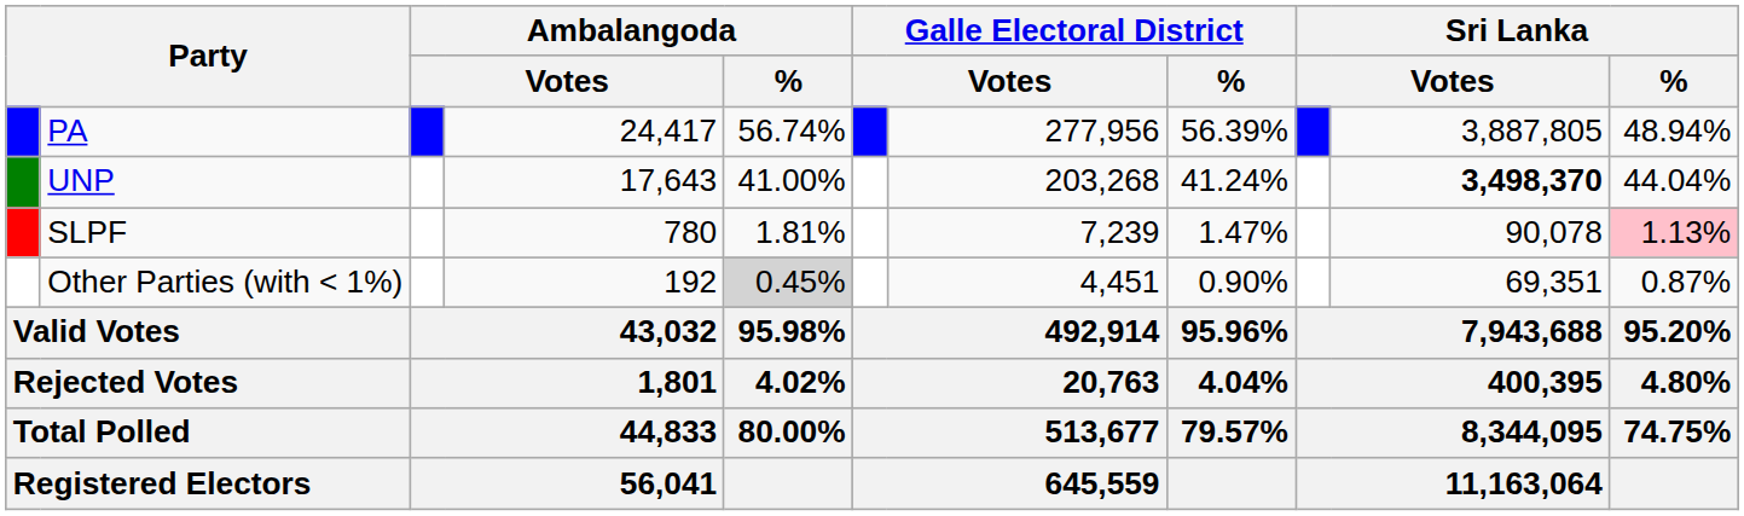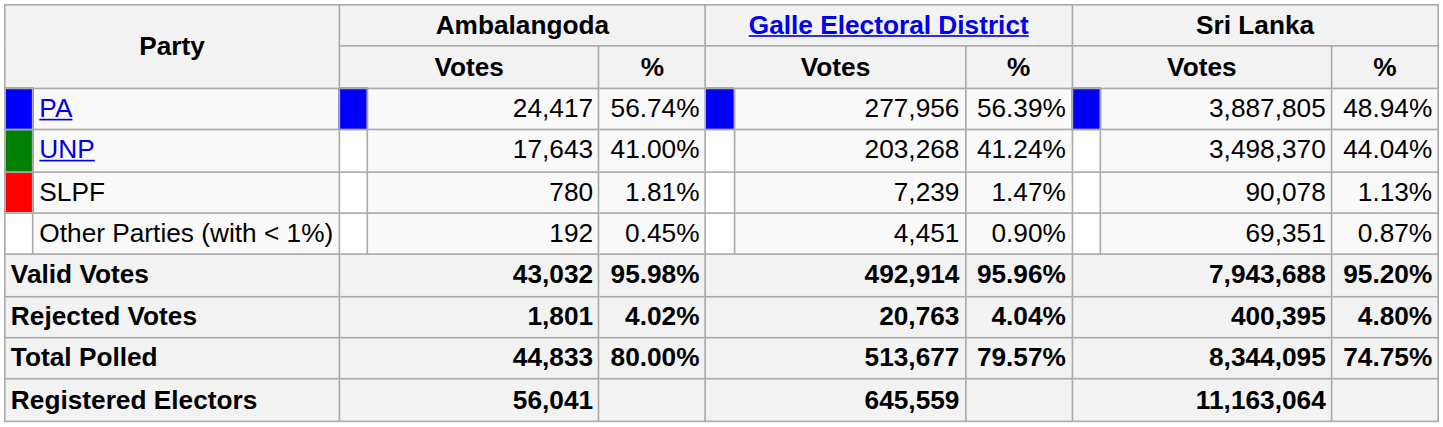 <table class="wikitable">
 <tr>
 <th colspan="2" width="144px"rowspan="2">Party</th>
 <th colspan="3" width="216px">Ambalangoda</th>
 <th colspan="3" width="216px"><a href='#'>Galle Electoral District</a></th>
 <th colspan="3" width="216px">Sri Lanka</th>
 </tr>
 <tr>
 <th colspan="2" width="144px">Votes</th>
 <th>%</th>
 <th colspan="2" width="144px">Votes</th>
 <th>%</th>
 <th colspan="2" width="144px">Votes</th>
 <th>%</th>
 </tr>
 <tr>
 <td style="background-color:blue;" width="10px"></td>
 <td style="text-align:left;"><a href='#'>PA</a></td>
 <td style="background-color:blue;" width="10px"></td>
 <td style="text-align:right;">24,417</td>
 <td style="text-align:right;">56.74%</td>
 <td style="background-color:blue;" width="10px"></td>
 <td style="text-align:right;">277,956</td>
 <td style="text-align:right;">56.39%</td>
 <td style="background-color:blue;" width="10px"></td>
 <td style="text-align:right;">3,887,805</td>
 <td style="text-align:right;">48.94%</td>
 </tr>
 <tr>
 <td style="background-color:green;" width="10px"></td>
 <td style="text-align:left;"><a href='#'>UNP</a></td>
 <td style="background-color:white;" width="10px"></td>
 <td style="text-align:right;">17,643</td>
 <td style="text-align:right;">41.00%</td>
 <td style="background-color:white;" width="10px"></td>
 <td style="text-align:right;">203,268</td>
 <td style="text-align:right;">41.24%</td>
 <td style="background-color:white;" width="10px"></td>
-<td style="text-align:right;"><strong>3,498,370</strong></td>
+<td style="text-align:right;">3,498,370</td>
 <td style="text-align:right;">44.04%</td>
 </tr>
 <tr>
 <td style="background-color:red;" width="10px"></td>
 <td style="text-align:left;">SLPF</td>
 <td style="background-color:white;" width="10px"></td>
 <td style="text-align:right;">780</td>
 <td style="text-align:right;">1.81%</td>
 <td style="background-color:white;" width="10px"></td>
 <td style="text-align:right;">7,239</td>
 <td style="text-align:right;">1.47%</td>
 <td style="background-color:white;" width="10px"></td>
 <td style="text-align:right;">90,078</td>
-<td style="background: pink; text-align:right;">1.13%</td>
+<td style="text-align:right;">1.13%</td>
 </tr>
 <tr>
 <td style="background-color:white;" width="10px"></td>
 <td style="text-align:left;">Other Parties (with < 1%)</td>
 <td style="background-color:white;" width="10px"></td>
 <td style="text-align:right;">192</td>
-<td style="background: lightgrey; text-align:right;">0.45%</td>
+<td style="text-align:right;">0.45%</td>
 <td style="background-color:white;" width="10px"></td>
 <td style="text-align:right;">4,451</td>
 <td style="text-align:right;">0.90%</td>
 <td style="background-color:white;" width="10px"></td>
 <td style="text-align:right;">69,351</td>
 <td style="text-align:right;">0.87%</td>
 </tr>
 <tr>
 <th colspan="2" width="144px"style="text-align:left;">Valid Votes</th>
 <th style="text-align:right;"colspan="2" width="144px">43,032</th>
 <th style="text-align:right;">95.98%</th>
 <th style="text-align:right;"colspan="2" width="144px">492,914</th>
 <th style="text-align:right;">95.96%</th>
 <th style="text-align:right;"colspan="2" width="144px">7,943,688</th>
 <th style="text-align:right;">95.20%</th>
 </tr>
 <tr>
 <th colspan="2" width="144px"style="text-align:left;">Rejected Votes</th>
 <th style="text-align:right;"colspan="2" width="144px">1,801</th>
 <th style="text-align:right;">4.02%</th>
 <th style="text-align:right;"colspan="2" width="144px">20,763</th>
 <th style="text-align:right;">4.04%</th>
 <th style="text-align:right;"colspan="2" width="144px">400,395</th>
 <th style="text-align:right;">4.80%</th>
 </tr>
 <tr>
 <th colspan="2" width="144px"style="text-align:left;">Total Polled</th>
 <th style="text-align:right;"colspan="2" width="144px">44,833</th>
 <th style="text-align:right;">80.00%</th>
 <th style="text-align:right;"colspan="2" width="144px">513,677</th>
 <th style="text-align:right;">79.57%</th>
 <th style="text-align:right;"colspan="2" width="144px">8,344,095</th>
 <th style="text-align:right;">74.75%</th>
 </tr>
 <tr>
 <th colspan="2" width="144px"style="text-align:left;">Registered Electors</th>
 <th style="text-align:right;"colspan="2" width="144px">56,041</th>
 <th></th>
 <th style="text-align:right;"colspan="2" width="144px">645,559</th>
 <th></th>
 <th style="text-align:right;"colspan="2" width="144px">11,163,064</th>
 <th></th>
 </tr>
 </table>
